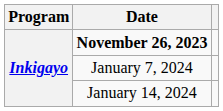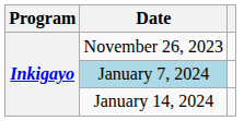 <table class="wikitable plainrowheaders sortable" style="text-align:center;">
 <tr>
 <th scope="col">Program</th>
 <th scope="col">Date</th>
 <th scope="col" class="unsortable"></th>
 </tr>
 <tr>
 <th rowspan="3" scope="row"><em><a href='#'>Inkigayo</a></em></th>
-<td><strong>November 26, 2023</strong></td>
+<td>November 26, 2023</td>
 <td style="text-align:center"></td>
 </tr>
 <tr>
-<td>January 7, 2024</td>
+<td style="background: lightblue;">January 7, 2024</td>
 <td style="text-align:center"></td>
 </tr>
 <tr>
 <td>January 14, 2024</td>
 <td style="text-align:center"></td>
 </tr>
 </table>
